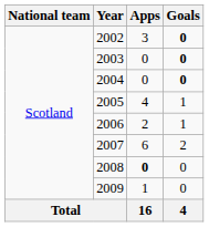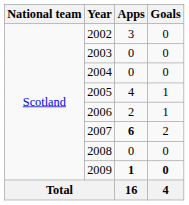 <table class=wikitable style="text-align:center">
 <tr>
 <th>National team</th>
 <th>Year</th>
 <th>Apps</th>
 <th>Goals</th>
 </tr>
 <tr>
 <td rowspan="8"><a href='#'>Scotland</a></td>
 <td>2002</td>
 <td>3</td>
-<td><strong>0</strong></td>
+<td>0</td>
 </tr>
 <tr>
 <td>2003</td>
 <td>0</td>
-<td><strong>0</strong></td>
+<td>0</td>
 </tr>
 <tr>
 <td>2004</td>
 <td>0</td>
-<td><strong>0</strong></td>
+<td>0</td>
 </tr>
 <tr>
 <td>2005</td>
 <td>4</td>
 <td>1</td>
 </tr>
 <tr>
 <td>2006</td>
 <td>2</td>
 <td>1</td>
 </tr>
 <tr>
 <td>2007</td>
-<td>6</td>
+<td><strong>6</strong></td>
 <td>2</td>
 </tr>
 <tr>
 <td>2008</td>
-<td><strong>0</strong></td>
+<td>0</td>
 <td>0</td>
 </tr>
 <tr>
 <td>2009</td>
-<td>1</td>
-<td>0</td>
+<td><strong>1</strong></td>
+<td><strong>0</strong></td>
 </tr>
 <tr>
 <th colspan="2">Total</th>
 <th>16</th>
 <th>4</th>
 </tr>
 </table>
